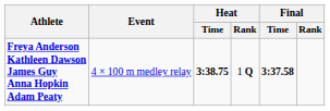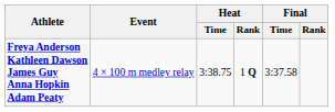 <table class=wikitable style=font-size:90%>
 <tr>
 <th rowspan=2>Athlete</th>
 <th rowspan=2>Event</th>
 <th colspan=2>Heat</th>
 <th colspan=2>Final</th>
 </tr>
 <tr style=font-size:95%>
 <th>Time</th>
 <th>Rank</th>
 <th>Time</th>
 <th>Rank</th>
 </tr>
 <tr align=center>
 <td align=left><strong><a href='#'>Freya Anderson</a><br><a href='#'>Kathleen Dawson</a><br><a href='#'>James Guy</a><br><a href='#'>Anna Hopkin</a><br><a href='#'>Adam Peaty</a></strong></td>
 <td align=left><a href='#'>4 × 100 m medley relay</a></td>
-<td><strong>3:38.75 </strong></td>
+<td>3:38.75 </td>
 <td>1 <strong>Q</strong></td>
-<td><strong>3:37.58 </strong></td>
+<td>3:37.58 </td>
 <td></td>
 </tr>
 </table>
